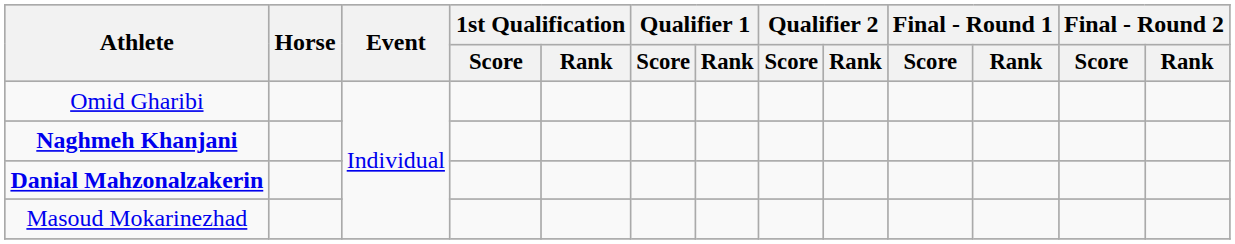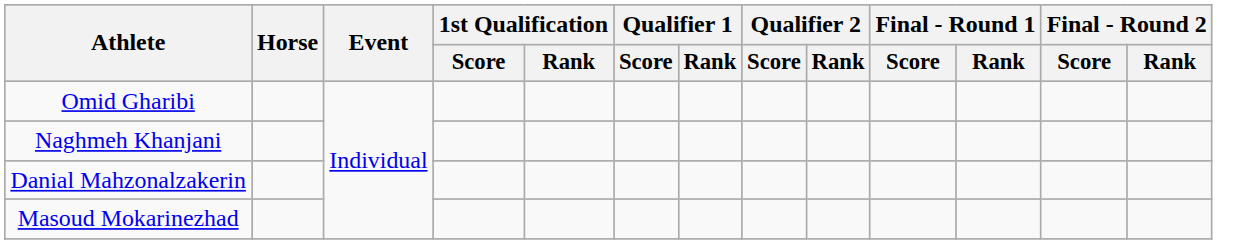 <table class=wikitable style="font-size:90%">
 <tr>
 <th rowspan="2">Athlete</th>
 <th rowspan="2">Horse</th>
 <th rowspan="2">Event</th>
 <th colspan="2">1st Qualification</th>
 <th colspan="2">Qualifier 1</th>
 <th colspan="2">Qualifier 2</th>
 <th colspan="2">Final - Round 1</th>
 <th colspan="2">Final - Round 2</th>
 </tr>
 <tr style="font-size:95%">
 <th>Score</th>
 <th>Rank</th>
 <th>Score</th>
 <th>Rank</th>
 <th>Score</th>
 <th>Rank</th>
 <th>Score</th>
 <th>Rank</th>
 <th>Score</th>
 <th>Rank</th>
 </tr>
 <tr align=center>
 <td><a href='#'>Omid Gharibi</a></td>
 <td></td>
 <td rowspan=4><a href='#'>Individual</a></td>
 <td></td>
 <td></td>
 <td></td>
 <td></td>
 <td></td>
 <td></td>
 <td></td>
 <td></td>
 <td></td>
 <td></td>
 </tr>
 <tr align=center>
-<td><strong><a href='#'>Naghmeh Khanjani</a></strong></td>
+<td><a href='#'>Naghmeh Khanjani</a></td>
 <td></td>
 <td></td>
 <td></td>
 <td></td>
 <td></td>
 <td></td>
 <td></td>
 <td></td>
 <td></td>
 <td></td>
 <td></td>
 </tr>
 <tr align=center>
-<td><strong><a href='#'>Danial Mahzonalzakerin</a></strong></td>
+<td><a href='#'>Danial Mahzonalzakerin</a></td>
 <td></td>
 <td></td>
 <td></td>
 <td></td>
 <td></td>
 <td></td>
 <td></td>
 <td></td>
 <td></td>
 <td></td>
 <td></td>
 </tr>
 <tr align=center>
 <td><a href='#'>Masoud Mokarinezhad</a></td>
 <td></td>
 <td></td>
 <td></td>
 <td></td>
 <td></td>
 <td></td>
 <td></td>
 <td></td>
 <td></td>
 <td></td>
 <td></td>
 </tr>
 </table>
